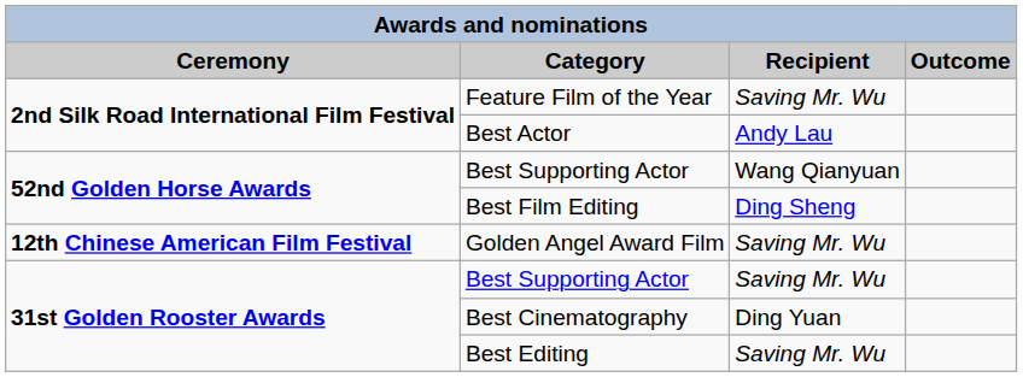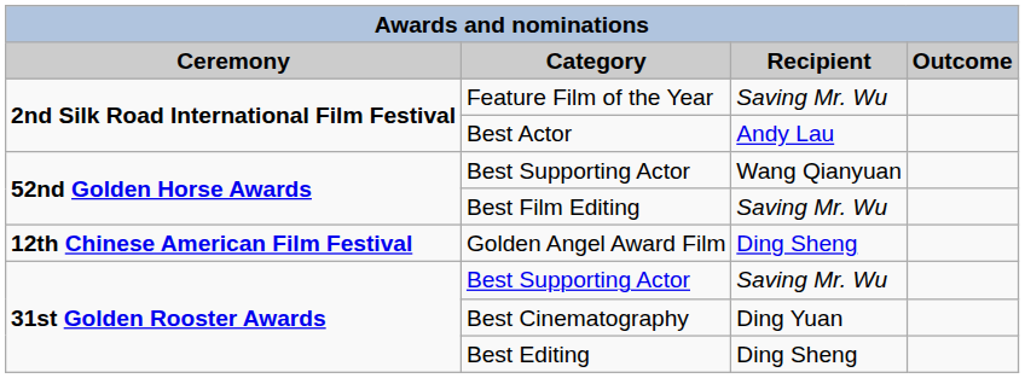 <table class="wikitable" style="font-size:95%;" ;>
 <tr style="background:#ccc; text-align:center;">
 <th colspan="4" style="background: LightSteelBlue;">Awards and nominations</th>
 </tr>
 <tr style="background:#ccc; text-align:center;">
 <th style="background:#ccc">Ceremony</th>
 <th style="background:#ccc">Category</th>
 <th style="background:#ccc">Recipient</th>
 <th style="background:#ccc">Outcome</th>
 </tr>
 <tr>
 <td rowspan=2><strong>2nd Silk Road International Film Festival</strong></td>
 <td>Feature Film of the Year</td>
 <td><em>Saving Mr. Wu</em></td>
 <td></td>
 </tr>
 <tr>
 <td>Best Actor</td>
 <td><a href='#'>Andy Lau</a></td>
 <td></td>
 </tr>
 <tr>
 <td rowspan=2><strong>52nd <a href='#'>Golden Horse Awards</a></strong></td>
 <td>Best Supporting Actor</td>
 <td>Wang Qianyuan</td>
 <td></td>
 </tr>
 <tr>
 <td>Best Film Editing</td>
-<td><a href='#'>Ding Sheng</a></td>
+<td><em>Saving Mr. Wu</em></td>
 <td></td>
 </tr>
 <tr>
 <td><strong>12th <a href='#'>Chinese American Film Festival</a></strong></td>
 <td>Golden Angel Award Film</td>
-<td><em>Saving Mr. Wu</em></td>
+<td><a href='#'>Ding Sheng</a></td>
 <td></td>
 </tr>
 <tr>
 <td rowspan=3><strong>31st <a href='#'>Golden Rooster Awards</a></strong></td>
 <td><a href='#'>Best Supporting Actor</a></td>
 <td><em>Saving Mr. Wu</em></td>
 <td></td>
 </tr>
 <tr>
 <td>Best Cinematography</td>
 <td>Ding Yuan</td>
 <td></td>
 </tr>
 <tr>
 <td>Best Editing</td>
-<td><em>Saving Mr. Wu</em></td>
+<td>Ding Sheng</td>
 <td></td>
 </tr>
 </table>
